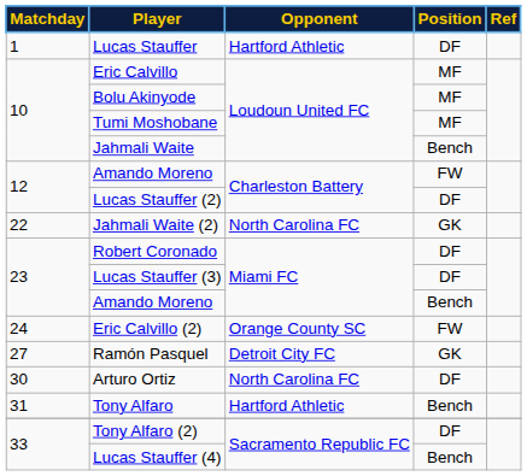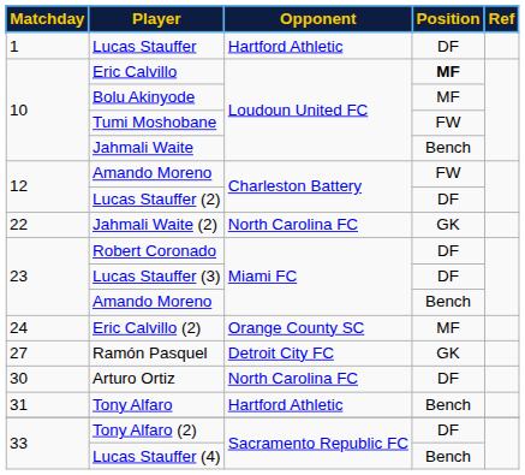 <table class=wikitable>
 <tr>
 <th style="background:#0D1D41; color:#F8CC00; border:2px solid #5FAFE4;">Matchday</th>
 <th style="background:#0D1D41; color:#F8CC00; border:2px solid #5FAFE4;">Player</th>
 <th style="background:#0D1D41; color:#F8CC00; border:2px solid #5FAFE4;">Opponent</th>
 <th style="background:#0D1D41; color:#F8CC00; border:2px solid #5FAFE4;">Position</th>
 <th style="background:#0D1D41; color:#F8CC00; border:2px solid #5FAFE4;">Ref</th>
 </tr>
 <tr>
 <td>1</td>
 <td> <a href='#'>Lucas Stauffer</a></td>
 <td><a href='#'>Hartford Athletic</a></td>
 <td align=center>DF</td>
 <td style="text-align:center"></td>
 </tr>
 <tr>
 <td rowspan=4>10</td>
 <td> <a href='#'>Eric Calvillo</a></td>
 <td rowspan=4><a href='#'>Loudoun United FC</a></td>
-<td align=center>MF</td>
+<td align=center><strong>MF</strong></td>
 <td rowspan=4 style="text-align:center"></td>
 </tr>
 <tr>
 <td> <a href='#'>Bolu Akinyode</a></td>
 <td align=center>MF</td>
 </tr>
 <tr>
 <td> <a href='#'>Tumi Moshobane</a></td>
-<td align=center>MF</td>
+<td align=center>FW</td>
 </tr>
 <tr>
 <td> <a href='#'>Jahmali Waite</a></td>
 <td align=center>Bench</td>
 </tr>
 <tr>
 <td rowspan=2>12</td>
 <td> <a href='#'>Amando Moreno</a></td>
 <td rowspan=2><a href='#'>Charleston Battery</a></td>
 <td align=center>FW</td>
 <td rowspan=2 style="text-align:center"></td>
 </tr>
 <tr>
 <td> <a href='#'>Lucas Stauffer</a> (2)</td>
 <td align=center>DF</td>
 </tr>
 <tr>
 <td>22</td>
 <td> <a href='#'>Jahmali Waite</a> (2)</td>
 <td><a href='#'>North Carolina FC</a></td>
 <td align=center>GK</td>
 <td style="text-align:center"></td>
 </tr>
 <tr>
 <td rowspan=3>23</td>
 <td> <a href='#'>Robert Coronado</a></td>
 <td rowspan=3><a href='#'>Miami FC</a></td>
 <td align=center>DF</td>
 <td rowspan=3 style="text-align:center"></td>
 </tr>
 <tr>
 <td> <a href='#'>Lucas Stauffer</a> (3)</td>
 <td align=center>DF</td>
 </tr>
 <tr>
 <td> <a href='#'>Amando Moreno</a></td>
 <td align=center>Bench</td>
 </tr>
 <tr>
 <td>24</td>
 <td> <a href='#'>Eric Calvillo</a> (2)</td>
 <td><a href='#'>Orange County SC</a></td>
-<td align=center>FW</td>
+<td align=center>MF</td>
 <td style="text-align:center"></td>
 </tr>
 <tr>
 <td>27</td>
 <td> Ramón Pasquel</td>
 <td><a href='#'>Detroit City FC</a></td>
 <td align=center>GK</td>
 <td style="text-align:center"></td>
 </tr>
 <tr>
 <td>30</td>
 <td> Arturo Ortiz</td>
 <td><a href='#'>North Carolina FC</a></td>
 <td align=center>DF</td>
 <td style="text-align:center"></td>
 </tr>
 <tr>
 <td>31</td>
 <td> <a href='#'>Tony Alfaro</a></td>
 <td><a href='#'>Hartford Athletic</a></td>
 <td align=center>Bench</td>
 <td style="text-align:center"></td>
 </tr>
 <tr>
 </tr>
 <tr>
 <td rowspan=2>33</td>
 <td> <a href='#'>Tony Alfaro</a> (2)</td>
 <td rowspan=2><a href='#'>Sacramento Republic FC</a></td>
 <td align=center>DF</td>
 <td rowspan=2 style="text-align:center"></td>
 </tr>
 <tr>
 <td> <a href='#'>Lucas Stauffer</a> (4)</td>
 <td align=center>Bench</td>
 </tr>
 </table>
